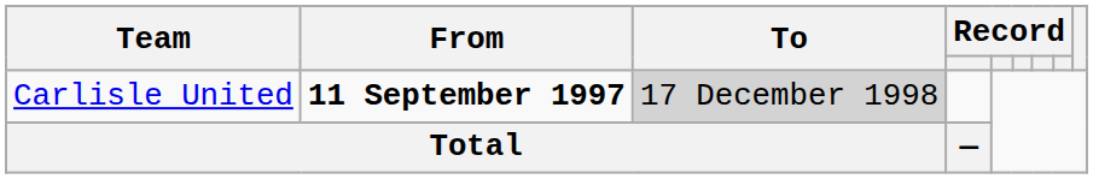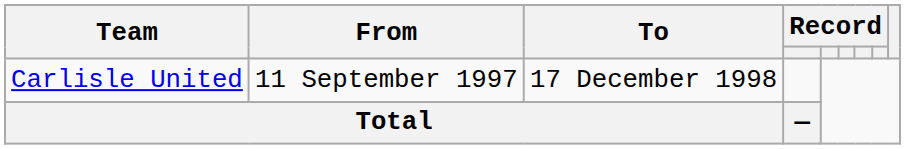 <table class=wikitable style="text-align: center">
 <tr>
 <th rowspan=2>Team</th>
 <th rowspan=2>From</th>
 <th rowspan=2>To</th>
 <th colspan=5>Record</th>
 <th rowspan=2></th>
 </tr>
 <tr>
 <th></th>
 <th></th>
 <th></th>
 <th></th>
 <th></th>
 </tr>
 <tr>
 <td align=left><a href='#'>Carlisle United</a></td>
-<td align=left><strong>11 September 1997</strong></td>
-<td align=left style="background: lightgrey;">17 December 1998<br></td>
+<td align=left>11 September 1997</td>
+<td align=left>17 December 1998<br></td>
 <td></td>
 </tr>
 <tr>
 <th colspan=3>Total<br></th>
 <th>—</th>
 </tr>
 </table>
